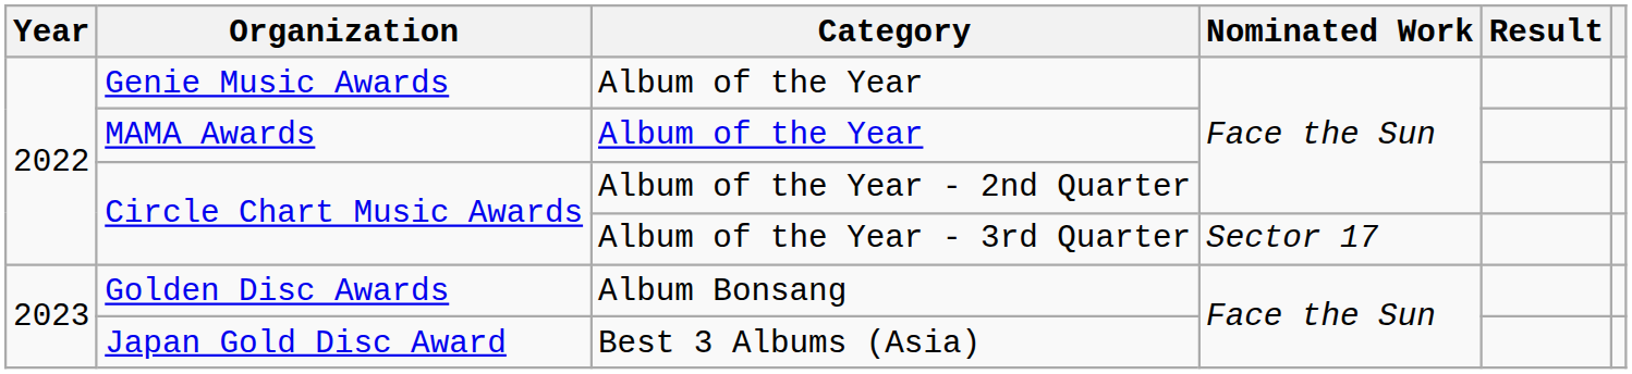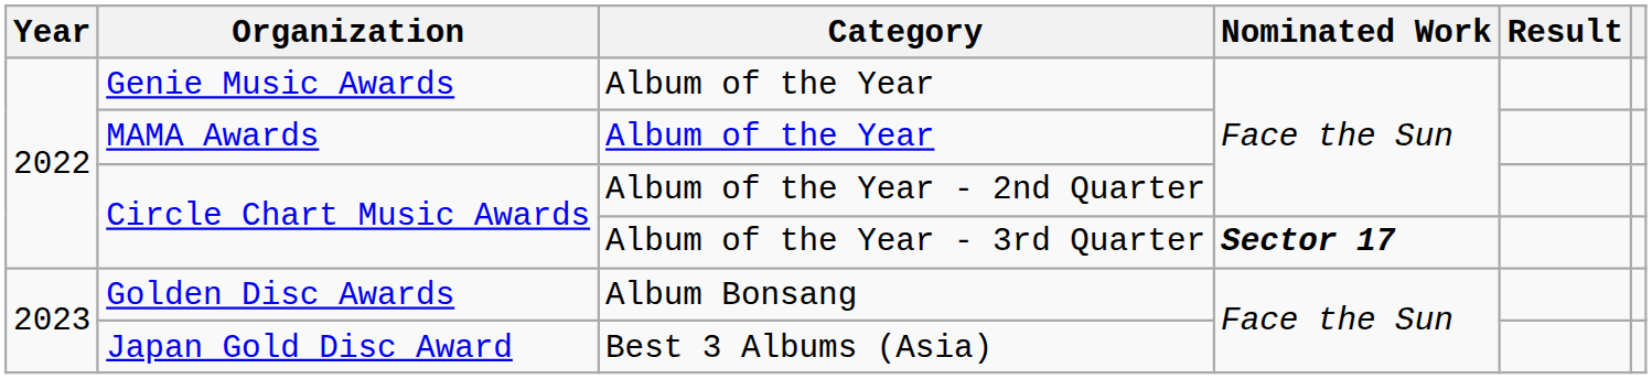 <table class="wikitable plainrowheaders sortable">
 <tr>
 <th>Year</th>
 <th>Organization</th>
 <th>Category</th>
 <th>Nominated Work</th>
 <th>Result</th>
 <th class="unsortable"></th>
 </tr>
 <tr>
 <td rowspan="4" style="text-align:center">2022</td>
 <td><a href='#'>Genie Music Awards</a></td>
 <td>Album of the Year</td>
 <td rowspan="3"><em>Face the Sun</em></td>
 <td></td>
 <td style="text-align:center"></td>
 </tr>
 <tr>
 <td><a href='#'>MAMA Awards</a></td>
 <td><a href='#'>Album of the Year</a></td>
 <td></td>
 <td style="text-align:center"></td>
 </tr>
 <tr>
 <td rowspan="2"><a href='#'>Circle Chart Music Awards</a></td>
 <td>Album of the Year - 2nd Quarter</td>
 <td></td>
 <td style="text-align:center"></td>
 </tr>
 <tr>
 <td>Album of the Year - 3rd Quarter</td>
-<td><em>Sector 17</em></td>
+<td><strong><em>Sector 17</em></strong></td>
 <td></td>
 <td style="text-align:center"></td>
 </tr>
 <tr>
 <td rowspan="2" style="text-align:center">2023</td>
 <td><a href='#'>Golden Disc Awards</a></td>
 <td>Album Bonsang</td>
 <td rowspan="2"><em>Face the Sun</em></td>
 <td></td>
 <td style="text-align:center"></td>
 </tr>
 <tr>
 <td><a href='#'>Japan Gold Disc Award</a></td>
 <td>Best 3 Albums (Asia)</td>
 <td></td>
 <td style="text-align:center"></td>
 </tr>
 </table>
